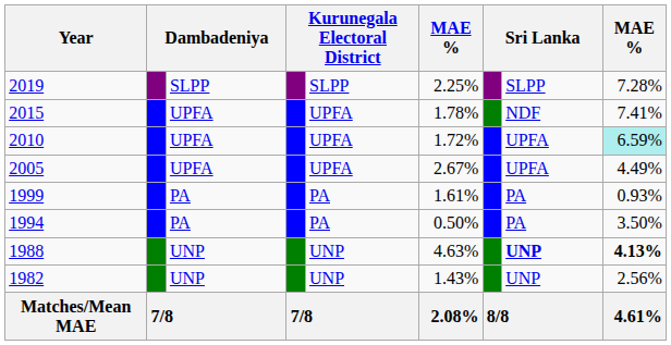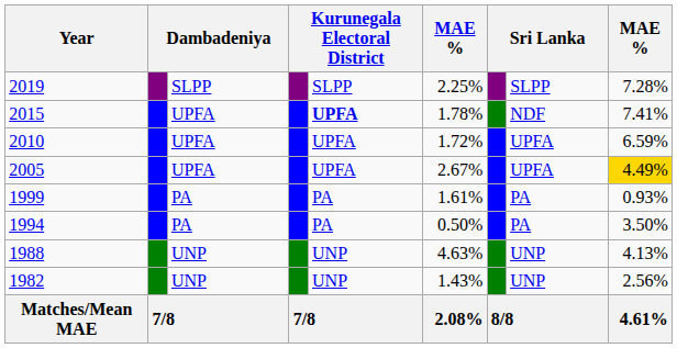 <table class="wikitable">
 <tr>
 <th>Year</th>
 <th colspan="2" width="144px">Dambadeniya</th>
 <th colspan="2" width="144px"><a href='#'>Kurunegala Electoral District</a></th>
 <th><a href='#'>MAE</a> %</th>
 <th colspan="2" width="144px">Sri Lanka</th>
 <th>MAE %</th>
 </tr>
 <tr>
 <td><a href='#'>2019</a></td>
 <td style="background-color:purple;" width="10px"></td>
 <td style="text-align:left;"><a href='#'>SLPP</a></td>
 <td style="background-color:purple;" width="10px"></td>
 <td style="text-align:left;"><a href='#'>SLPP</a></td>
 <td style="text-align:right;">2.25%</td>
 <td style="background-color:purple;" width="10px"></td>
 <td style="text-align:left;"><a href='#'>SLPP</a></td>
 <td style="text-align:right;">7.28%</td>
 </tr>
 <tr>
 <td><a href='#'>2015</a></td>
 <td style="background-color:blue;" width="10px"></td>
 <td style="text-align:left;"><a href='#'>UPFA</a></td>
 <td style="background-color:blue;" width="10px"></td>
-<td style="text-align:left;"><a href='#'>UPFA</a></td>
+<td style="text-align:left;"><strong><a href='#'>UPFA</a></strong></td>
 <td style="text-align:right;">1.78%</td>
 <td style="background-color:green;" width="10px"></td>
 <td style="text-align:left;"><a href='#'>NDF</a></td>
 <td style="text-align:right;">7.41%</td>
 </tr>
 <tr>
 <td><a href='#'>2010</a></td>
 <td style="background-color:blue;" width="10px"></td>
 <td style="text-align:left;"><a href='#'>UPFA</a></td>
 <td style="background-color:blue;" width="10px"></td>
 <td style="text-align:left;"><a href='#'>UPFA</a></td>
 <td style="text-align:right;">1.72%</td>
 <td style="background-color:blue;" width="10px"></td>
 <td style="text-align:left;"><a href='#'>UPFA</a></td>
-<td style="background: paleturquoise; text-align:right;">6.59%</td>
+<td style="text-align:right;">6.59%</td>
 </tr>
 <tr>
 <td><a href='#'>2005</a></td>
 <td style="background-color:blue;" width="10px"></td>
 <td style="text-align:left;"><a href='#'>UPFA</a></td>
 <td style="background-color:blue;" width="10px"></td>
 <td style="text-align:left;"><a href='#'>UPFA</a></td>
 <td style="text-align:right;">2.67%</td>
 <td style="background-color:blue;" width="10px"></td>
 <td style="text-align:left;"><a href='#'>UPFA</a></td>
-<td style="text-align:right;">4.49%</td>
+<td style="background: gold; text-align:right;">4.49%</td>
 </tr>
 <tr>
 <td><a href='#'>1999</a></td>
 <td style="background-color:blue;" width="10px"></td>
 <td style="text-align:left;"><a href='#'>PA</a></td>
 <td style="background-color:blue;" width="10px"></td>
 <td style="text-align:left;"><a href='#'>PA</a></td>
 <td style="text-align:right;">1.61%</td>
 <td style="background-color:blue;" width="10px"></td>
 <td style="text-align:left;"><a href='#'>PA</a></td>
 <td style="text-align:right;">0.93%</td>
 </tr>
 <tr>
 <td><a href='#'>1994</a></td>
 <td style="background-color:blue;" width="10px"></td>
 <td style="text-align:left;"><a href='#'>PA</a></td>
 <td style="background-color:blue;" width="10px"></td>
 <td style="text-align:left;"><a href='#'>PA</a></td>
 <td style="text-align:right;">0.50%</td>
 <td style="background-color:blue;" width="10px"></td>
 <td style="text-align:left;"><a href='#'>PA</a></td>
 <td style="text-align:right;">3.50%</td>
 </tr>
 <tr>
 <td><a href='#'>1988</a></td>
 <td style="background-color:green;" width="10px"></td>
 <td style="text-align:left;"><a href='#'>UNP</a></td>
 <td style="background-color:green;" width="10px"></td>
 <td style="text-align:left;"><a href='#'>UNP</a></td>
 <td style="text-align:right;">4.63%</td>
 <td style="background-color:green;" width="10px"></td>
-<td style="text-align:left;"><strong><a href='#'>UNP</a></strong></td>
-<td style="text-align:right;"><strong>4.13%</strong></td>
+<td style="text-align:left;"><a href='#'>UNP</a></td>
+<td style="text-align:right;">4.13%</td>
 </tr>
 <tr>
 <td><a href='#'>1982</a></td>
 <td style="background-color:green;" width="10px"></td>
 <td style="text-align:left;"><a href='#'>UNP</a></td>
 <td style="background-color:green;" width="10px"></td>
 <td style="text-align:left;"><a href='#'>UNP</a></td>
 <td style="text-align:right;">1.43%</td>
 <td style="background-color:green;" width="10px"></td>
 <td style="text-align:left;"><a href='#'>UNP</a></td>
 <td style="text-align:right;">2.56%</td>
 </tr>
 <tr>
 <th>Matches/Mean MAE</th>
 <th style="text-align:left;"colspan="2" width="144px">7/8</th>
 <th style="text-align:left;"colspan="2" width="144px">7/8</th>
 <th style="text-align:right;">2.08%</th>
 <th style="text-align:left;"colspan="2" width="144px">8/8</th>
 <th style="text-align:right;">4.61%</th>
 </tr>
 </table>
